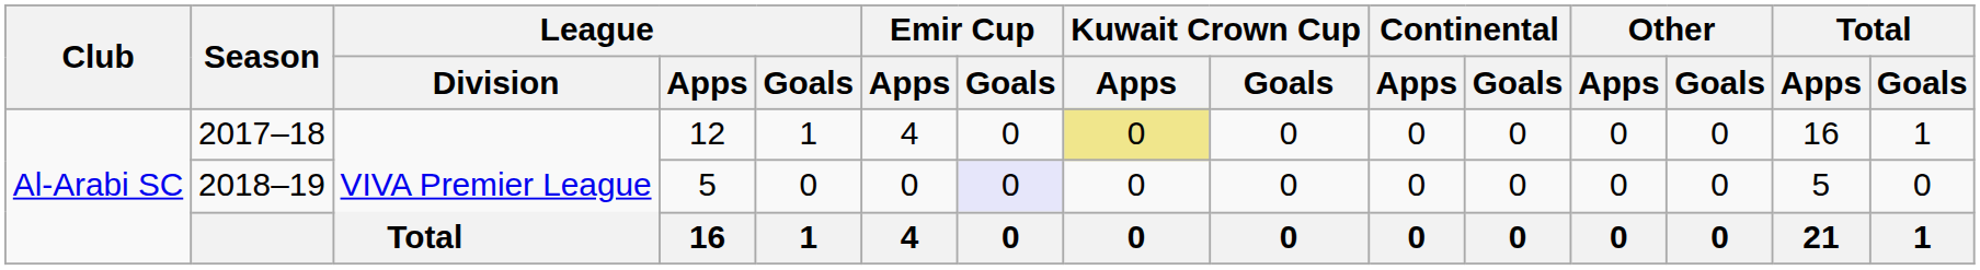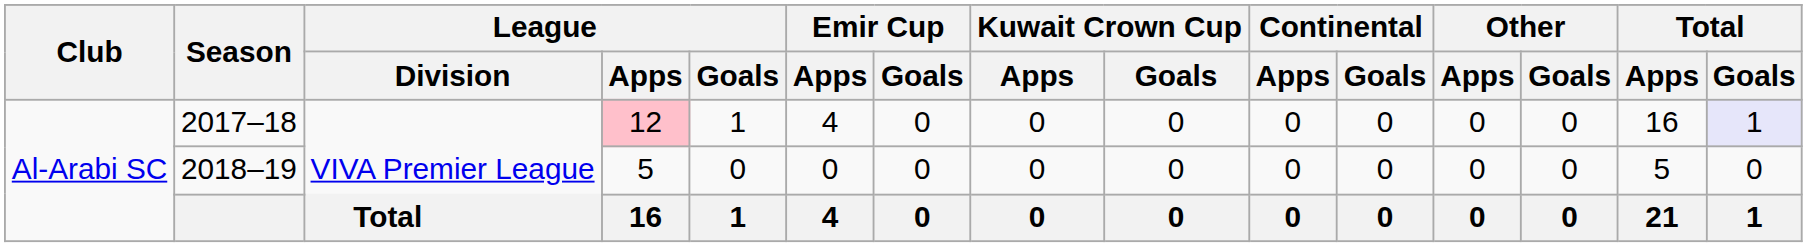 <table class="wikitable" style="text-align:center">
 <tr>
 <th rowspan="2">Club</th>
 <th rowspan="2">Season</th>
 <th colspan="3">League</th>
 <th colspan="2">Emir Cup</th>
 <th colspan="2">Kuwait Crown Cup</th>
 <th colspan="2">Continental</th>
 <th colspan="2">Other</th>
 <th colspan="2">Total</th>
 </tr>
 <tr>
 <th>Division</th>
 <th>Apps</th>
 <th>Goals</th>
 <th>Apps</th>
 <th>Goals</th>
 <th>Apps</th>
 <th>Goals</th>
 <th>Apps</th>
 <th>Goals</th>
 <th>Apps</th>
 <th>Goals</th>
 <th>Apps</th>
 <th>Goals</th>
 </tr>
 <tr>
 <td rowspan="3"><a href='#'>Al-Arabi SC</a></td>
 <td>2017–18</td>
 <td rowspan="4"><a href='#'>VIVA Premier League</a></td>
-<td>12</td>
+<td style="background: pink;">12</td>
 <td>1</td>
 <td>4</td>
 <td>0</td>
-<td style="background: khaki;">0</td>
+<td>0</td>
 <td>0</td>
 <td>0</td>
 <td>0</td>
 <td>0</td>
 <td>0</td>
 <td>16</td>
-<td>1</td>
+<td style="background: lavender;">1</td>
 </tr>
 <tr>
 <td>2018–19</td>
 <td>5</td>
 <td>0</td>
 <td>0</td>
-<td style="background: lavender;">0</td>
+<td>0</td>
 <td>0</td>
 <td>0</td>
 <td>0</td>
 <td>0</td>
 <td>0</td>
 <td>0</td>
 <td>5</td>
 <td>0</td>
 </tr>
 <tr>
 <th colspan="2">Total</th>
 <th>16</th>
 <th>1</th>
 <th>4</th>
 <th>0</th>
 <th>0</th>
 <th>0</th>
 <th>0</th>
 <th>0</th>
 <th>0</th>
 <th>0</th>
 <th>21</th>
 <th>1</th>
 </tr>
 </table>
